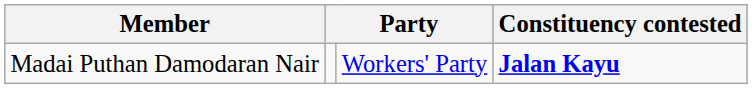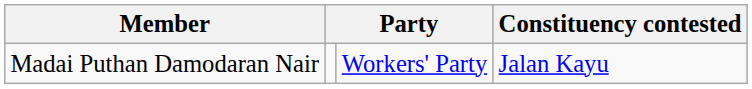 <table class="wikitable sortable">
 <tr>
 <th>Member</th>
 <th colspan="2">Party</th>
 <th>Constituency contested</th>
 </tr>
 <tr>
 <td>Madai Puthan Damodaran Nair</td>
 <td></td>
 <td><a href='#'>Workers' Party</a></td>
-<td rowspan="1"><strong><a href='#'>Jalan Kayu</a></strong></td>
+<td rowspan="1"><a href='#'>Jalan Kayu</a></td>
 </tr>
 </table>
